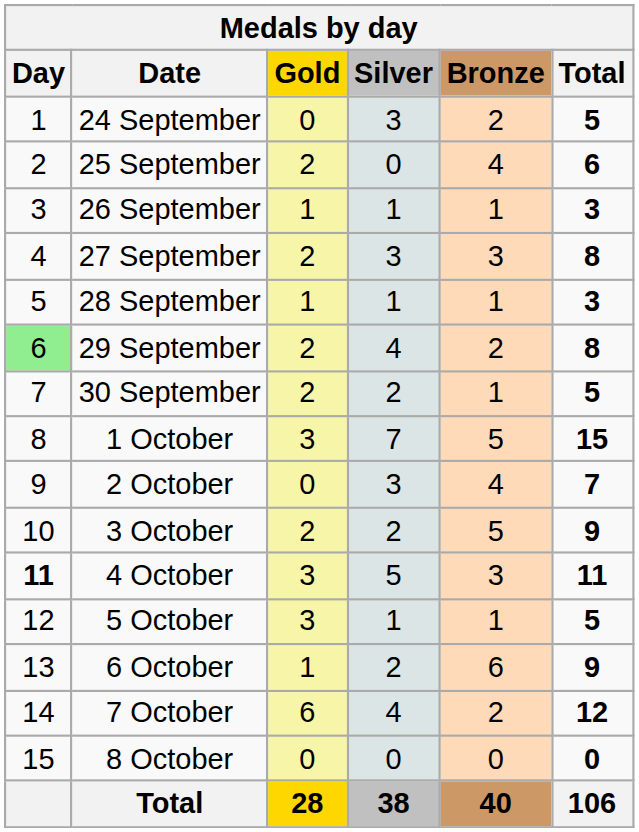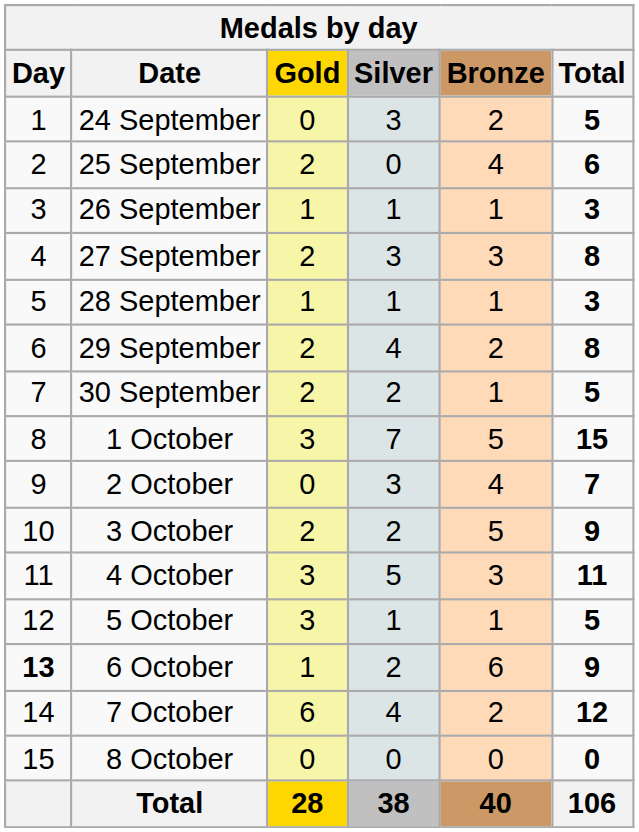 <table class="wikitable sortable collapsible" style="font-size:85%; text-align:center;">
 <tr style="background:#efefef;">
 <th colspan=6>Medals by day</th>
 </tr>
 <tr>
 <th>Day</th>
 <th>Date</th>
 <th style="background-color:gold;">Gold</th>
 <th style="background-color:silver;">Silver</th>
 <th style="background-color:#c96;">Bronze</th>
 <th>Total</th>
 </tr>
 <tr>
 <td>1</td>
 <td>24 September</td>
 <td style="background:#F7F6A8">0</td>
 <td style="background:#DCE5E5">3</td>
 <td style="background:#FFDAB9">2</td>
 <td><strong>5</strong></td>
 </tr>
 <tr>
 <td>2</td>
 <td>25 September</td>
 <td style="background:#F7F6A8">2</td>
 <td style="background:#DCE5E5">0</td>
 <td style="background:#FFDAB9">4</td>
 <td><strong>6</strong></td>
 </tr>
 <tr>
 <td>3</td>
 <td>26 September</td>
 <td style="background:#F7F6A8">1</td>
 <td style="background:#DCE5E5">1</td>
 <td style="background:#FFDAB9">1</td>
 <td><strong>3</strong></td>
 </tr>
 <tr>
 <td>4</td>
 <td>27 September</td>
 <td style="background:#F7F6A8">2</td>
 <td style="background:#DCE5E5">3</td>
 <td style="background:#FFDAB9">3</td>
 <td><strong>8</strong></td>
 </tr>
 <tr>
 <td>5</td>
 <td>28 September</td>
 <td style="background:#F7F6A8">1</td>
 <td style="background:#DCE5E5">1</td>
 <td style="background:#FFDAB9">1</td>
 <td><strong>3</strong></td>
 </tr>
 <tr>
-<td style="background: lightgreen;">6</td>
+<td>6</td>
 <td>29 September</td>
 <td style="background:#F7F6A8">2</td>
 <td style="background:#DCE5E5">4</td>
 <td style="background:#FFDAB9">2</td>
 <td><strong>8</strong></td>
 </tr>
 <tr>
 <td>7</td>
 <td>30 September</td>
 <td style="background:#F7F6A8">2</td>
 <td style="background:#DCE5E5">2</td>
 <td style="background:#FFDAB9">1</td>
 <td><strong>5</strong></td>
 </tr>
 <tr>
 <td>8</td>
 <td>1 October</td>
 <td style="background:#F7F6A8">3</td>
 <td style="background:#DCE5E5">7</td>
 <td style="background:#FFDAB9">5</td>
 <td><strong>15</strong></td>
 </tr>
 <tr>
 <td>9</td>
 <td>2 October</td>
 <td style="background:#F7F6A8">0</td>
 <td style="background:#DCE5E5">3</td>
 <td style="background:#FFDAB9">4</td>
 <td><strong>7</strong></td>
 </tr>
 <tr>
 <td>10</td>
 <td>3 October</td>
 <td style="background:#F7F6A8">2</td>
 <td style="background:#DCE5E5">2</td>
 <td style="background:#FFDAB9">5</td>
 <td><strong>9</strong></td>
 </tr>
 <tr>
-<td><strong>11</strong></td>
+<td>11</td>
 <td>4 October</td>
 <td style="background:#F7F6A8">3</td>
 <td style="background:#DCE5E5">5</td>
 <td style="background:#FFDAB9">3</td>
 <td><strong>11</strong></td>
 </tr>
 <tr>
 <td>12</td>
 <td>5 October</td>
 <td style="background:#F7F6A8">3</td>
 <td style="background:#DCE5E5">1</td>
 <td style="background:#FFDAB9">1</td>
 <td><strong>5</strong></td>
 </tr>
 <tr>
-<td>13</td>
+<td><strong>13</strong></td>
 <td>6 October</td>
 <td style="background:#F7F6A8">1</td>
 <td style="background:#DCE5E5">2</td>
 <td style="background:#FFDAB9">6</td>
 <td><strong>9</strong></td>
 </tr>
 <tr>
 <td>14</td>
 <td>7 October</td>
 <td style="background:#F7F6A8">6</td>
 <td style="background:#DCE5E5">4</td>
 <td style="background:#FFDAB9">2</td>
 <td><strong>12</strong></td>
 </tr>
 <tr>
 <td>15</td>
 <td>8 October</td>
 <td style="background:#F7F6A8">0</td>
 <td style="background:#DCE5E5">0</td>
 <td style="background:#FFDAB9">0</td>
 <td><strong>0</strong></td>
 </tr>
 <tr>
 <th></th>
 <th>Total</th>
 <th style="background:gold;">28</th>
 <th style="background:silver;">38</th>
 <th style="background:#c96;">40</th>
 <th>106</th>
 </tr>
 </table>
